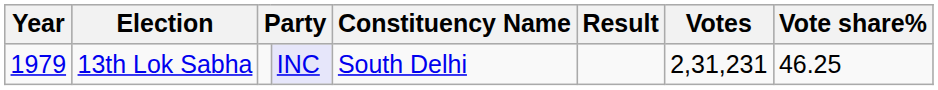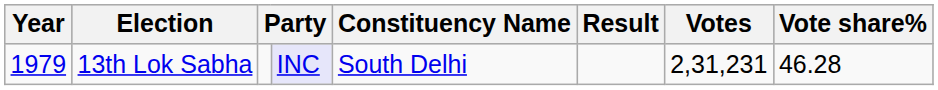 <table class="wikitable">
 <tr>
 <th>Year</th>
 <th>Election</th>
 <th colspan="2">Party</th>
 <th>Constituency Name</th>
 <th>Result</th>
 <th>Votes</th>
 <th>Vote share%</th>
 </tr>
 <tr>
 <td><a href='#'>1979</a></td>
 <td><a href='#'>13th Lok Sabha</a></td>
 <td style="background-color: "></td>
 <td style="background: lavender;"><a href='#'>INC</a></td>
 <td><a href='#'>South Delhi</a></td>
 <td></td>
 <td>2,31,231</td>
-<td>46.25</td>
+<td>46.28</td>
 </tr>
 </table>
